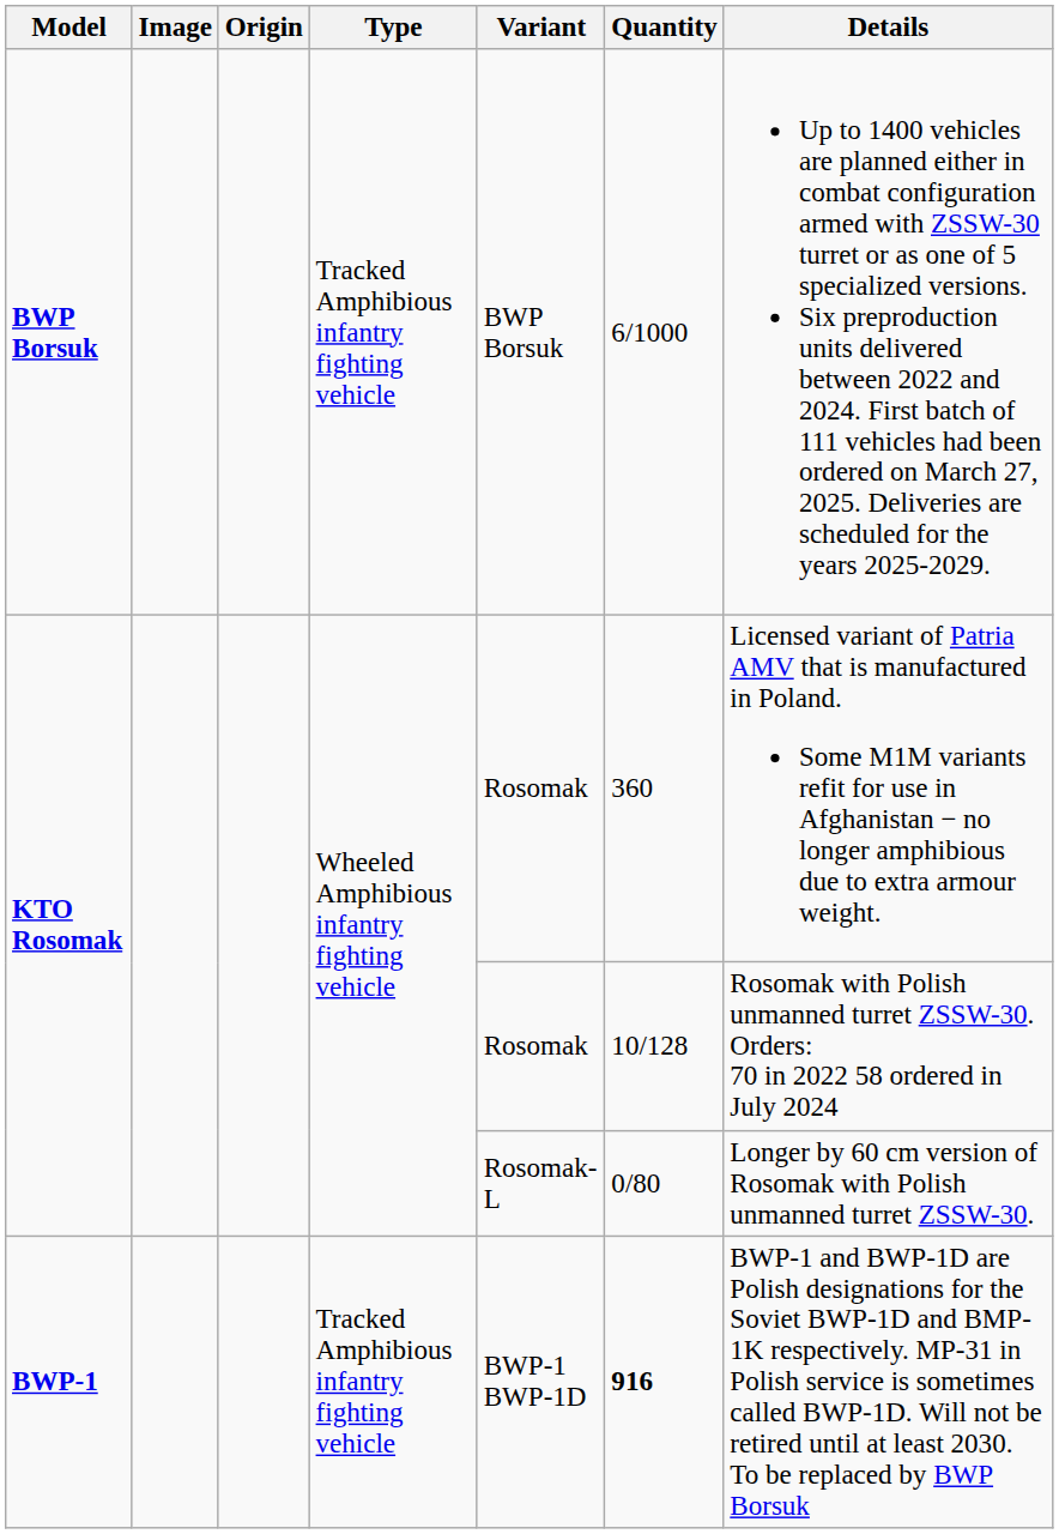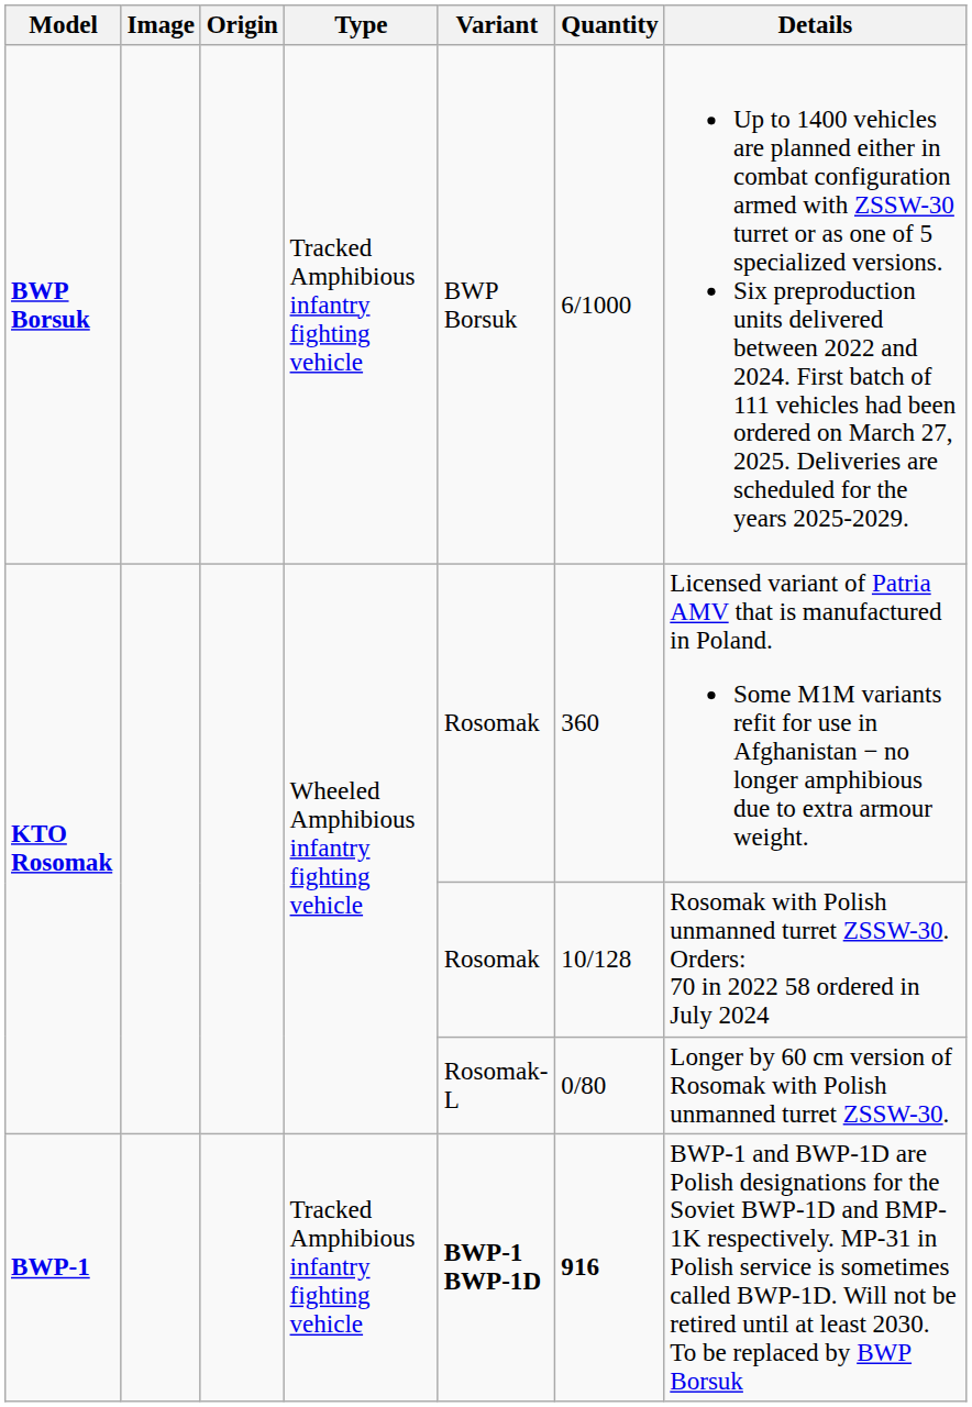 <table class="wikitable">
 <tr>
 <th>Model</th>
 <th>Image</th>
 <th>Origin</th>
 <th>Type</th>
 <th>Variant</th>
 <th>Quantity</th>
 <th>Details</th>
 </tr>
 <tr>
 <td><a href='#'><strong>BWP Borsuk</strong></a></td>
 <td></td>
 <td><small></small></td>
 <td>Tracked Amphibious <a href='#'>infantry fighting vehicle</a></td>
 <td>BWP Borsuk</td>
 <td>6/1000</td>
 <td><br><ul><li>Up to 1400 vehicles are planned either in combat configuration armed with <a href='#'>ZSSW-30</a> turret or as one of 5 specialized versions.</li><li>Six preproduction units delivered between 2022 and 2024. First batch of 111 vehicles had been ordered on March 27, 2025. Deliveries are scheduled for the years 2025-2029.</li></ul></td>
 </tr>
 <tr>
 <td rowspan="3"><strong><a href='#'>KTO Rosomak</a></strong></td>
 <td rowspan="3">   </td>
 <td rowspan="3"><small></small><br><small></small></td>
 <td rowspan="3">Wheeled Amphibious  <a href='#'>infantry fighting vehicle</a></td>
 <td>Rosomak</td>
 <td>360</td>
 <td>Licensed variant of <a href='#'>Patria AMV</a> that is manufactured in Poland.<br><ul><li>Some M1M variants refit for use in Afghanistan − no longer amphibious due to extra armour weight.</li></ul></td>
 </tr>
 <tr>
 <td>Rosomak</td>
 <td>10/128</td>
 <td>Rosomak with Polish unmanned turret <a href='#'>ZSSW-30</a>.<br>Orders:<br>70 in 2022 58 ordered in July 2024</td>
 </tr>
 <tr>
 <td>Rosomak-L</td>
 <td>0/80</td>
 <td>Longer by 60 cm version of Rosomak with Polish unmanned turret <a href='#'>ZSSW-30</a>.</td>
 </tr>
 <tr>
 <td><a href='#'><strong>BWP-1</strong></a></td>
 <td></td>
 <td><small></small><br><small></small></td>
 <td>Tracked Amphibious <a href='#'>infantry fighting vehicle</a></td>
-<td>BWP-1<br>BWP-1D</td>
+<td><strong>BWP-1<br>BWP-1D</strong></td>
 <td><strong>916</strong></td>
 <td>BWP-1 and BWP-1D are Polish designations for the Soviet BWP-1D and BMP-1K respectively. MP-31 in Polish service is sometimes called BWP-1D. Will not be retired until at least 2030.<br>To be replaced by <a href='#'>BWP Borsuk</a></td>
 </tr>
 </table>
